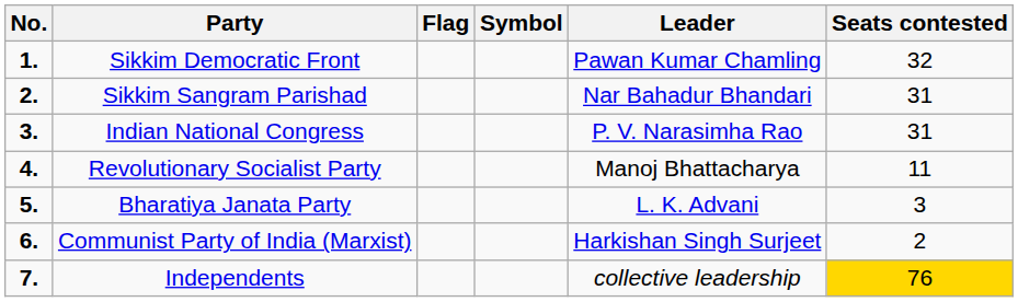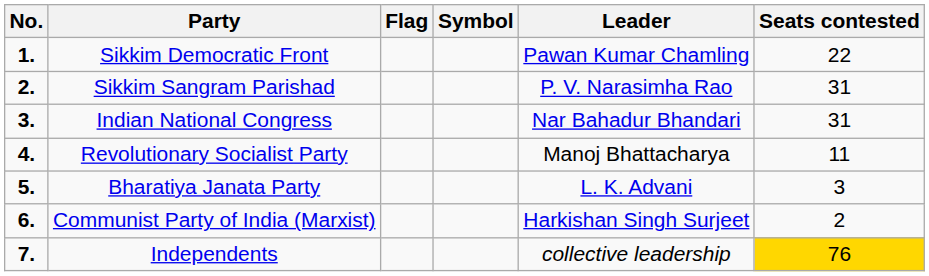 <table class="wikitable">
 <tr>
 <th>No.</th>
 <th>Party</th>
 <th>Flag</th>
 <th>Symbol</th>
 <th>Leader</th>
 <th>Seats contested</th>
 </tr>
 <tr>
 <td ! style="text-align:center; background:"><strong>1.</strong></td>
 <td style="text-align:center"><a href='#'>Sikkim Democratic Front</a></td>
 <td></td>
 <td></td>
 <td style="text-align:center"><a href='#'>Pawan Kumar Chamling</a></td>
-<td style="text-align:center">32</td>
+<td style="text-align:center">22</td>
 </tr>
 <tr>
 <td ! style="text-align:center; background:"><strong>2.</strong></td>
 <td style="text-align:center"><a href='#'>Sikkim Sangram Parishad</a></td>
 <td></td>
 <td></td>
-<td style="text-align:center"><a href='#'>Nar Bahadur Bhandari</a></td>
+<td style="text-align:center"><a href='#'>P. V. Narasimha Rao</a></td>
 <td style="text-align:center">31</td>
 </tr>
 <tr>
 <td ! style="text-align:center; background:"><strong>3.</strong></td>
 <td style="text-align:center"><a href='#'>Indian National Congress</a></td>
 <td></td>
 <td></td>
-<td style="text-align:center"><a href='#'>P. V. Narasimha Rao</a></td>
+<td style="text-align:center"><a href='#'>Nar Bahadur Bhandari</a></td>
 <td style="text-align:center">31</td>
 </tr>
 <tr>
 <td style="text-align:center; background:"><strong>4.</strong></td>
 <td style="text-align:center"><a href='#'>Revolutionary Socialist Party</a></td>
 <td></td>
 <td></td>
 <td style="text-align:center">Manoj Bhattacharya</td>
 <td style="text-align:center">11</td>
 </tr>
 <tr>
 <td ! style="text-align:center; background:"><strong>5.</strong></td>
 <td style="text-align:center"><a href='#'>Bharatiya Janata Party</a></td>
 <td></td>
 <td></td>
 <td style="text-align:center"><a href='#'>L. K. Advani</a></td>
 <td style="text-align:center">3</td>
 </tr>
 <tr>
 <td ! style="text-align:center; background:"><strong>6.</strong></td>
 <td style="text-align:center"><a href='#'>Communist Party of India (Marxist)</a></td>
 <td></td>
 <td></td>
 <td style="text-align:center"><a href='#'>Harkishan Singh Surjeet</a></td>
 <td style="text-align:center">2</td>
 </tr>
 <tr>
 <td ! style="text-align:center; background:"><strong>7.</strong></td>
 <td style="text-align:center"><a href='#'>Independents</a></td>
 <td></td>
 <td></td>
 <td style="text-align:center"><em>collective leadership</em></td>
 <td style="background: gold; text-align:center">76</td>
 </tr>
 </table>
